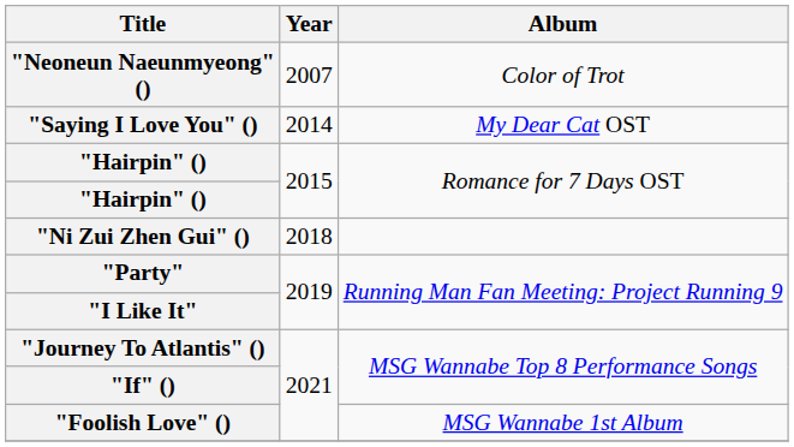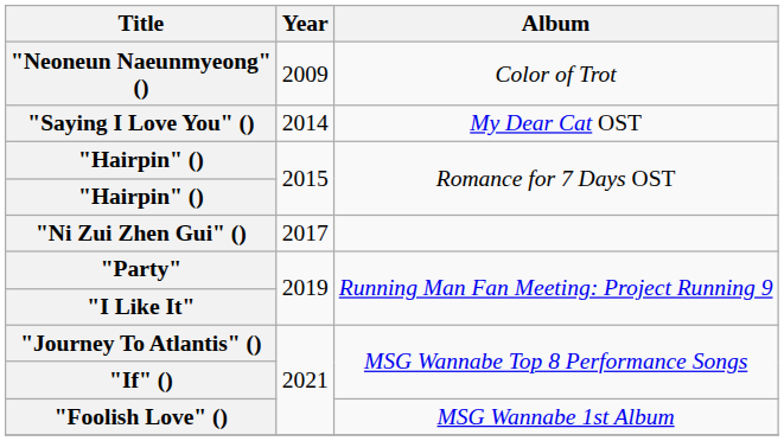 <table class="wikitable plainrowheaders" style="text-align:center">
 <tr>
 <th scope="col">Title</th>
 <th scope="col">Year</th>
 <th scope="col">Album</th>
 </tr>
 <tr>
 <th scope="row">"Neoneun Naeunmyeong"<br>() </th>
-<td>2007</td>
+<td>2009</td>
 <td><em>Color of Trot</em></td>
 </tr>
 <tr>
 <th scope="row">"Saying I Love You" ()</th>
 <td>2014</td>
 <td><em><a href='#'>My Dear Cat</a></em> OST</td>
 </tr>
 <tr>
 <th scope="row">"Hairpin" () </th>
 <td rowspan="2">2015</td>
 <td rowspan="2"><em>Romance for 7 Days</em> OST</td>
 </tr>
 <tr>
 <th scope="row">"Hairpin" () </th>
 </tr>
 <tr>
 <th scope="row">"Ni Zui Zhen Gui" ()</th>
-<td>2018</td>
+<td>2017</td>
 <td></td>
 </tr>
 <tr>
 <th scope="row">"Party"<br></th>
 <td rowspan="2">2019</td>
 <td rowspan="2"><em><a href='#'>Running Man Fan Meeting: Project Running 9</a></em></td>
 </tr>
 <tr>
 <th scope="row">"I Like It"<br></th>
 </tr>
 <tr>
 <th scope="row">"Journey To Atlantis" ()<br></th>
 <td rowspan="3">2021</td>
 <td rowspan="2"><em><a href='#'>MSG Wannabe Top 8 Performance Songs</a></em></td>
 </tr>
 <tr>
 <th scope="row">"If" ()<br></th>
 </tr>
 <tr>
 <th scope="row">"Foolish Love" ()<br></th>
 <td><em><a href='#'>MSG Wannabe 1st Album</a></em></td>
 </tr>
 <tr>
 </tr>
 </table>
